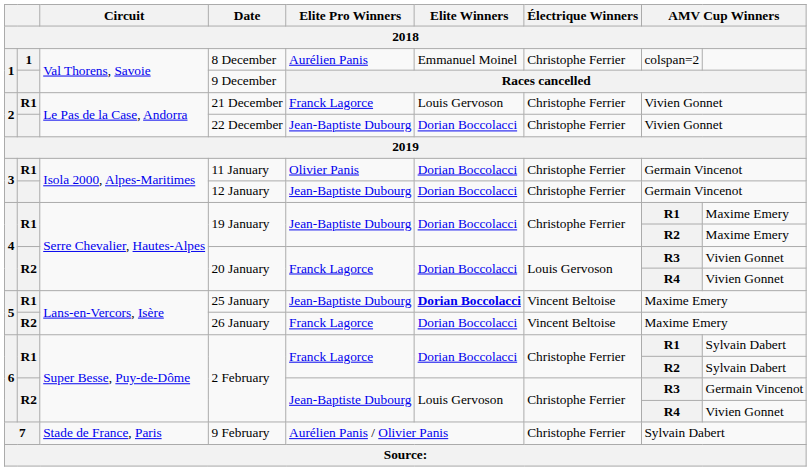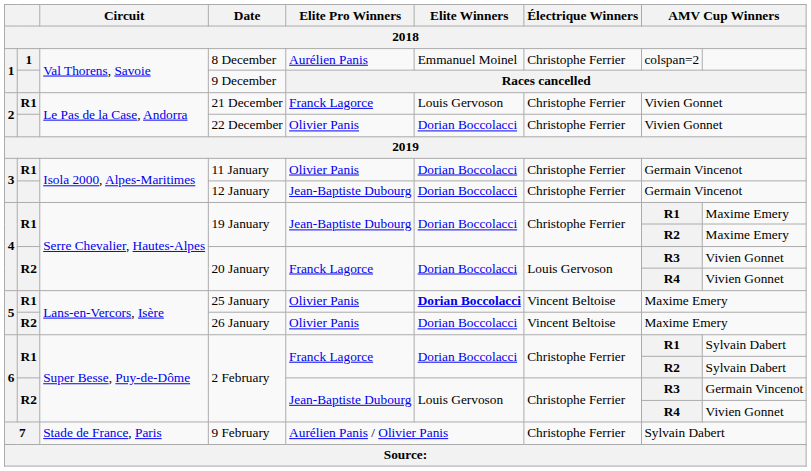 <table class="wikitable" style="font-size: 85%">
 <tr>
 <th colspan=2></th>
 <th>Circuit</th>
 <th>Date</th>
 <th>Elite Pro Winners</th>
 <th>Elite Winners</th>
 <th>Électrique Winners</th>
 <th colspan=2>AMV Cup Winners</th>
 </tr>
 <tr>
 <th align=center colspan=9>2018</th>
 </tr>
 <tr>
 <th rowspan=2>1</th>
 <th>1</th>
 <td rowspan=2> <a href='#'>Val Thorens</a>, <a href='#'>Savoie</a></td>
 <td>8 December</td>
 <td> <a href='#'>Aurélien Panis</a></td>
 <td> Emmanuel Moinel</td>
 <td> Christophe Ferrier</td>
 <td>colspan=2 </td>
 </tr>
 <tr>
 <th></th>
 <td>9 December</td>
 <th colspan=5>Races cancelled</th>
 </tr>
 <tr>
 <th rowspan=2>2</th>
 <th>R1</th>
 <td rowspan=2> <a href='#'>Le Pas de la Case</a>, <a href='#'>Andorra</a></td>
 <td>21 December</td>
 <td> <a href='#'>Franck Lagorce</a></td>
 <td> Louis Gervoson</td>
 <td> Christophe Ferrier</td>
 <td colspan=2> Vivien Gonnet</td>
 </tr>
 <tr>
 <th></th>
 <td>22 December</td>
-<td> <a href='#'>Jean-Baptiste Dubourg</a></td>
+<td> <a href='#'>Olivier Panis</a></td>
 <td> <a href='#'>Dorian Boccolacci</a></td>
 <td> Christophe Ferrier</td>
 <td colspan=2> Vivien Gonnet</td>
 </tr>
 <tr>
 <th align=center colspan=9>2019</th>
 </tr>
 <tr>
 <th rowspan=2>3</th>
 <th>R1</th>
 <td rowspan=2> <a href='#'>Isola 2000</a>, <a href='#'>Alpes-Maritimes</a></td>
 <td>11 January</td>
 <td> <a href='#'>Olivier Panis</a></td>
 <td> <a href='#'>Dorian Boccolacci</a></td>
 <td> Christophe Ferrier</td>
 <td colspan=2> Germain Vincenot</td>
 </tr>
 <tr>
 <th></th>
 <td>12 January</td>
 <td> <a href='#'>Jean-Baptiste Dubourg</a></td>
 <td> <a href='#'>Dorian Boccolacci</a></td>
 <td> Christophe Ferrier</td>
 <td colspan=2> Germain Vincenot</td>
 </tr>
 <tr>
 <th rowspan=4>4</th>
 <th rowspan=2>R1</th>
 <td rowspan=4> <a href='#'>Serre Chevalier</a>, <a href='#'>Hautes-Alpes</a></td>
 <td rowspan=2>19 January</td>
 <td rowspan=2> <a href='#'>Jean-Baptiste Dubourg</a></td>
 <td rowspan=2> <a href='#'>Dorian Boccolacci</a></td>
 <td rowspan=2> Christophe Ferrier</td>
 <th>R1</th>
 <td> Maxime Emery</td>
 </tr>
 <tr>
 <th>R2</th>
 <td> Maxime Emery</td>
 </tr>
 <tr>
 <th rowspan=2>R2</th>
 <td rowspan=2>20 January</td>
 <td rowspan=2> <a href='#'>Franck Lagorce</a></td>
 <td rowspan=2> <a href='#'>Dorian Boccolacci</a></td>
 <td rowspan=2> Louis Gervoson</td>
 <th>R3</th>
 <td> Vivien Gonnet</td>
 </tr>
 <tr>
 <th>R4</th>
 <td> Vivien Gonnet</td>
 </tr>
 <tr>
 <th rowspan=2>5</th>
 <th>R1</th>
 <td rowspan=2> <a href='#'>Lans-en-Vercors</a>, <a href='#'>Isère</a></td>
 <td>25 January</td>
-<td> <a href='#'>Jean-Baptiste Dubourg</a></td>
+<td> <a href='#'>Olivier Panis</a></td>
 <td><strong> <a href='#'>Dorian Boccolacci</a></strong></td>
 <td> Vincent Beltoise</td>
 <td colspan=2> Maxime Emery</td>
 </tr>
 <tr>
 <th>R2</th>
 <td>26 January</td>
-<td> <a href='#'>Franck Lagorce</a></td>
+<td> <a href='#'>Olivier Panis</a></td>
 <td> <a href='#'>Dorian Boccolacci</a></td>
 <td> Vincent Beltoise</td>
 <td colspan=2> Maxime Emery</td>
 </tr>
 <tr>
 <th rowspan=4>6</th>
 <th rowspan=2>R1</th>
 <td rowspan=4> <a href='#'>Super Besse</a>, <a href='#'>Puy-de-Dôme</a></td>
 <td rowspan=4>2 February</td>
 <td rowspan=2> <a href='#'>Franck Lagorce</a></td>
 <td rowspan=2> <a href='#'>Dorian Boccolacci</a></td>
 <td rowspan=2> Christophe Ferrier</td>
 <th>R1</th>
 <td> Sylvain Dabert</td>
 </tr>
 <tr>
 <th>R2</th>
 <td> Sylvain Dabert</td>
 </tr>
 <tr>
 <th rowspan=2>R2</th>
 <td rowspan=2> <a href='#'>Jean-Baptiste Dubourg</a></td>
 <td rowspan=2> Louis Gervoson</td>
 <td rowspan=2> Christophe Ferrier</td>
 <th>R3</th>
 <td> Germain Vincenot</td>
 </tr>
 <tr>
 <th>R4</th>
 <td> Vivien Gonnet</td>
 </tr>
 <tr>
 <th colspan=2>7</th>
 <td> <a href='#'>Stade de France</a>, <a href='#'>Paris</a></td>
 <td>9 February</td>
 <td colspan=2> <a href='#'>Aurélien Panis</a> /  <a href='#'>Olivier Panis</a></td>
 <td> Christophe Ferrier</td>
 <td colspan=2> Sylvain Dabert</td>
 </tr>
 <tr>
 <th colspan=9>Source:</th>
 </tr>
 </table>
